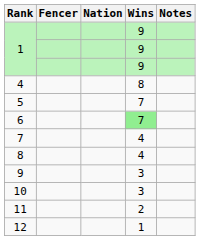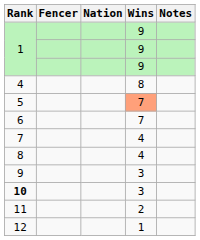 <table class="wikitable sortable" style="text-align:center">
 <tr>
 <th>Rank</th>
 <th>Fencer</th>
 <th>Nation</th>
 <th>Wins</th>
 <th>Notes</th>
 </tr>
 <tr bgcolor=bbf3bb>
 <td rowspan=3>1</td>
 <td align=left></td>
 <td align=left></td>
 <td>9</td>
 <td></td>
 </tr>
 <tr bgcolor=bbf3bb>
 <td align=left></td>
 <td align=left></td>
 <td>9</td>
 <td></td>
 </tr>
 <tr bgcolor=bbf3bb>
 <td align=left></td>
 <td align=left></td>
 <td>9</td>
 <td></td>
 </tr>
 <tr>
 <td>4</td>
 <td align=left></td>
 <td align=left></td>
 <td>8</td>
 <td></td>
 </tr>
 <tr>
 <td>5</td>
 <td align=left></td>
 <td align=left></td>
-<td>7</td>
+<td style="background: lightsalmon;">7</td>
 <td></td>
 </tr>
 <tr>
 <td>6</td>
 <td align=left></td>
 <td align=left></td>
-<td style="background: lightgreen;">7</td>
+<td>7</td>
 <td></td>
 </tr>
 <tr>
 <td>7</td>
 <td align=left></td>
 <td align=left></td>
 <td>4</td>
 <td></td>
 </tr>
 <tr>
 <td>8</td>
 <td align=left></td>
 <td align=left></td>
 <td>4</td>
 <td></td>
 </tr>
 <tr>
 <td>9</td>
 <td align=left></td>
 <td align=left></td>
 <td>3</td>
 <td></td>
 </tr>
 <tr>
-<td>10</td>
+<td><strong>10</strong></td>
 <td align=left></td>
 <td align=left></td>
 <td>3</td>
 <td></td>
 </tr>
 <tr>
 <td>11</td>
 <td align=left></td>
 <td align=left></td>
 <td>2</td>
 <td></td>
 </tr>
 <tr>
 <td>12</td>
 <td align=left></td>
 <td align=left></td>
 <td>1</td>
 <td></td>
 </tr>
 </table>
